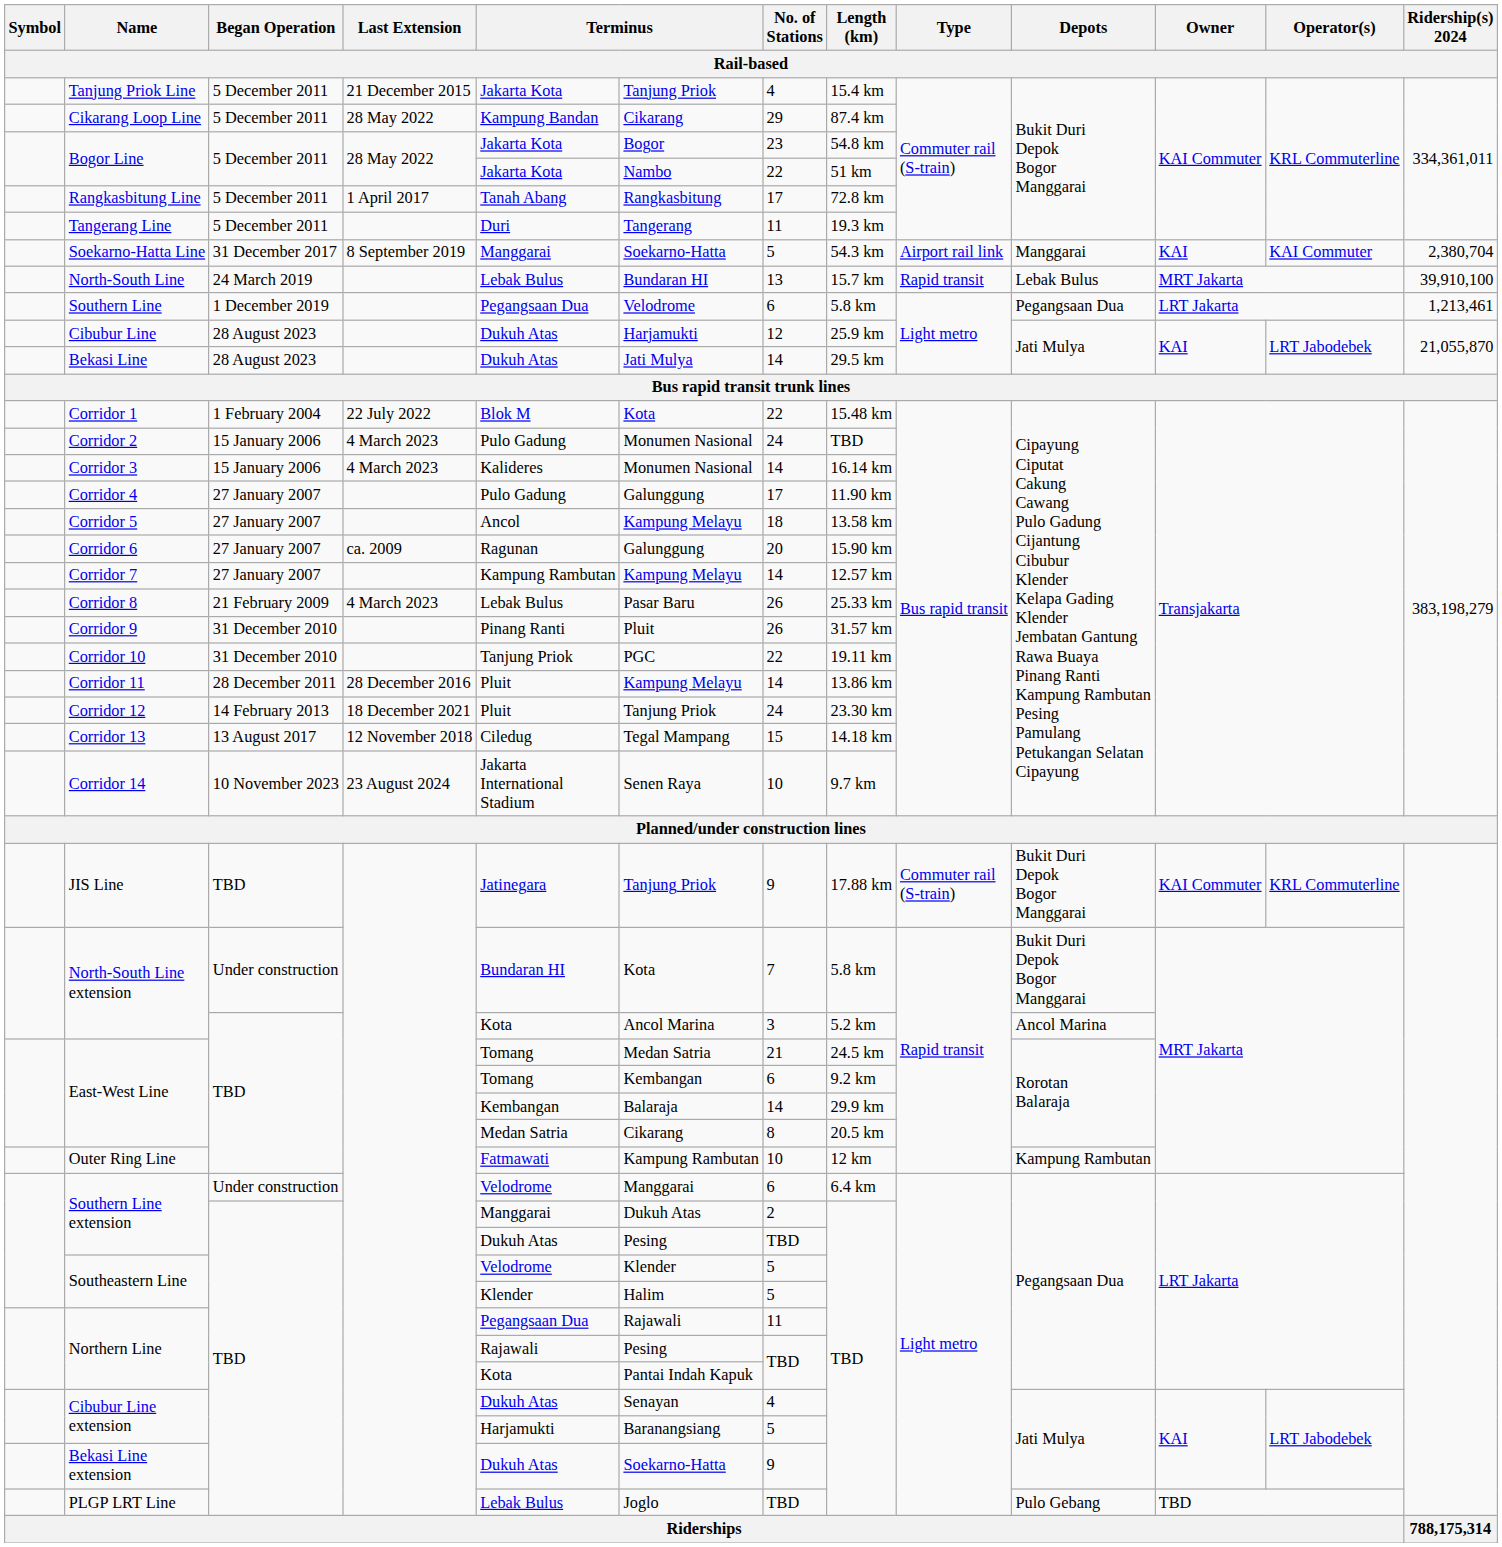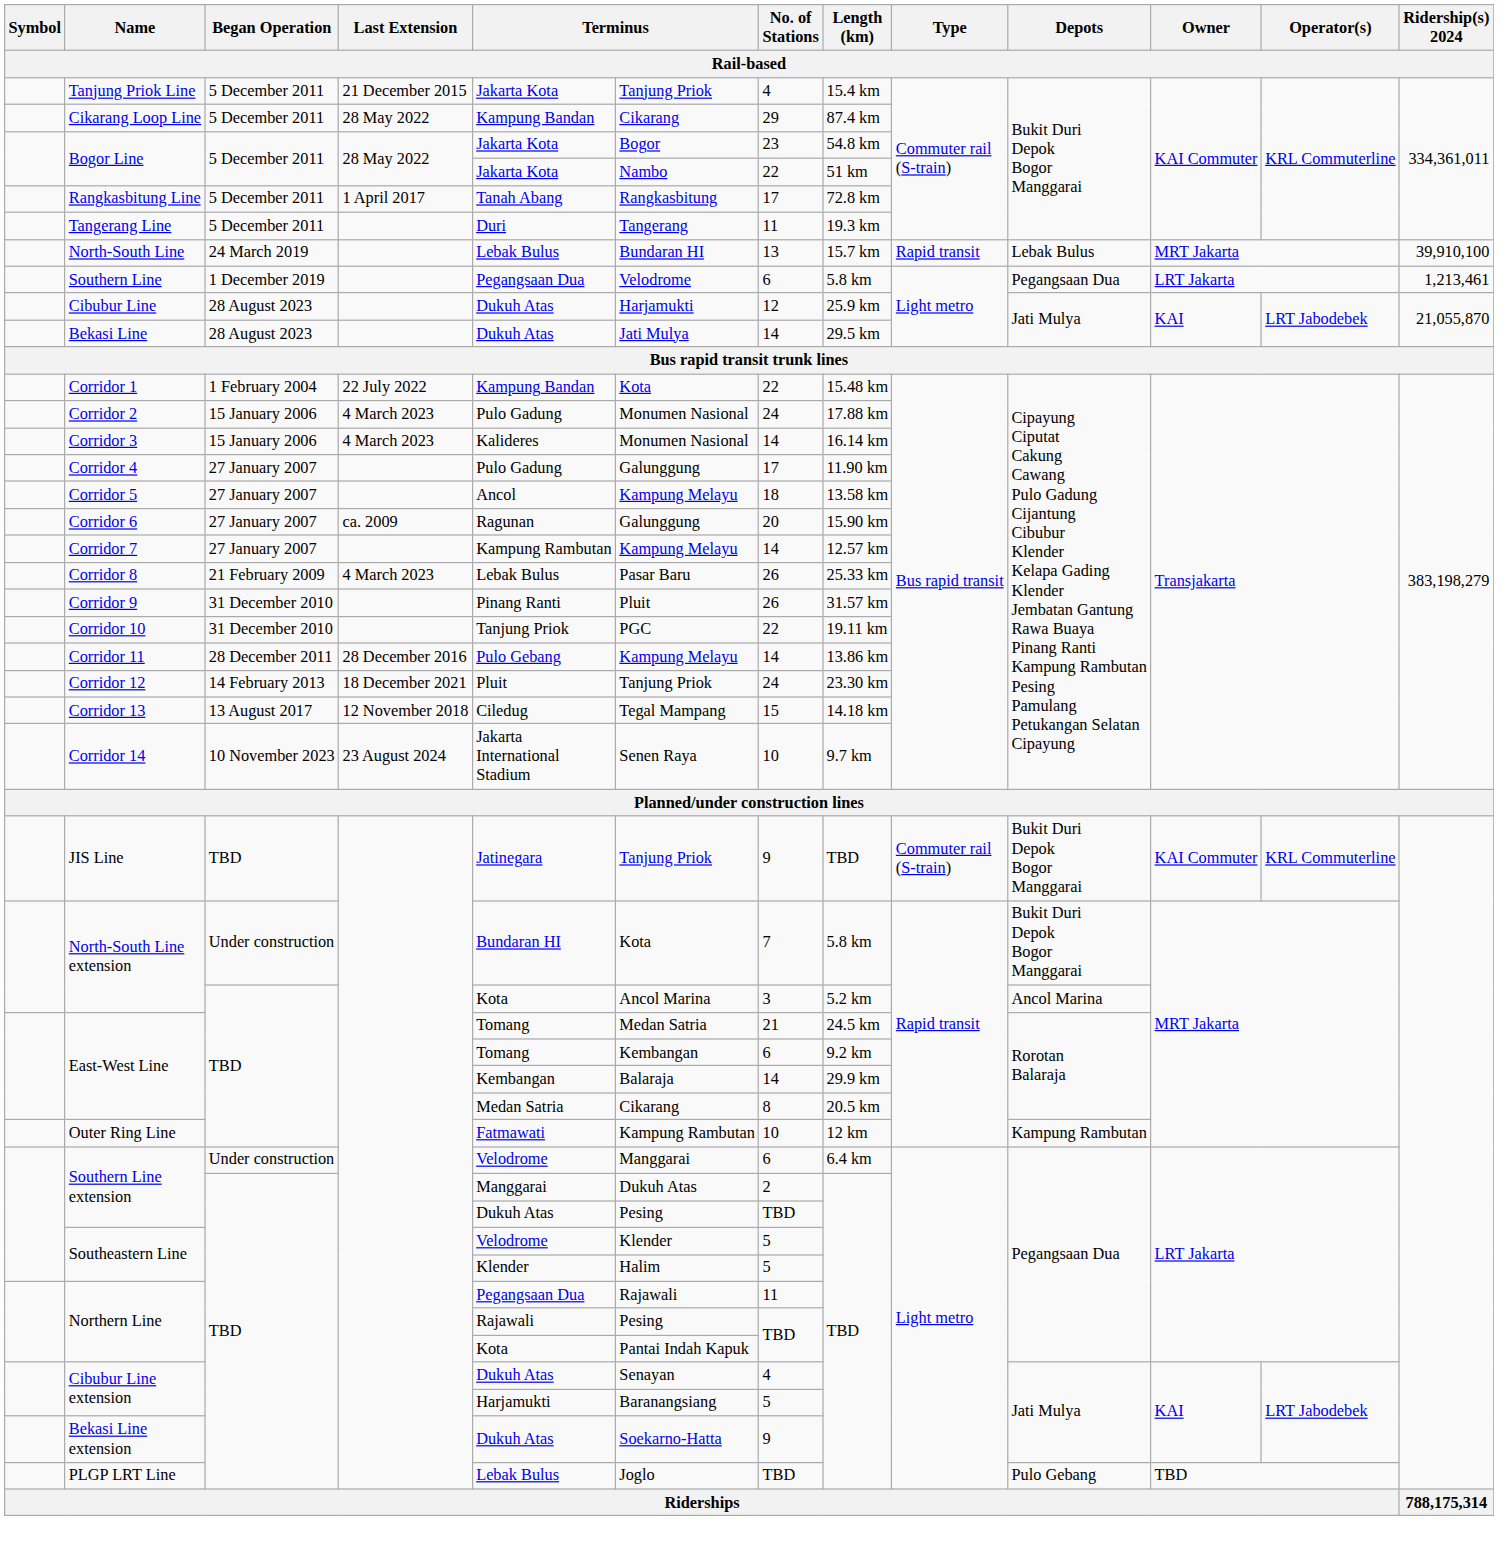 <table class="wikitable sortable" style="margin:0 auto; white-space:nowrap;; font-size:90%;  width:100%; font-size:85%">
 <tr>
 <th>Symbol</th>
 <th>Name</th>
 <th>Began Operation</th>
 <th>Last Extension</th>
 <th colspan=2>Terminus</th>
 <th>No. of <br>Stations</th>
 <th>Length<br>(km)</th>
 <th>Type</th>
 <th>Depots</th>
 <th>Owner</th>
 <th>Operator(s)</th>
 <th>Ridership(s) <br>2024</th>
 </tr>
 <tr>
 <th colspan="13">Rail-based</th>
 </tr>
 <tr>
 <td align="center"></td>
 <td><a href='#'>Tanjung Priok Line</a></td>
 <td>5 December 2011</td>
 <td>21 December 2015</td>
 <td><a href='#'>Jakarta Kota</a></td>
 <td><a href='#'>Tanjung Priok</a></td>
 <td>4</td>
 <td>15.4 km</td>
 <td rowspan="6"><a href='#'>Commuter rail</a> <br>(<a href='#'>S-train</a>)</td>
 <td rowspan="6">Bukit Duri <br>Depok <br>Bogor <br>Manggarai</td>
 <td rowspan="6"><a href='#'>KAI Commuter</a></td>
 <td rowspan="6"><a href='#'>KRL Commuterline</a></td>
 <td rowspan="6" align="right">334,361,011</td>
 </tr>
 <tr>
 <td align="center"></td>
 <td><a href='#'>Cikarang Loop Line</a></td>
 <td>5 December 2011</td>
 <td>28 May 2022</td>
 <td><a href='#'>Kampung Bandan</a></td>
 <td><a href='#'>Cikarang</a></td>
 <td>29</td>
 <td>87.4 km</td>
 </tr>
 <tr>
 <td rowspan="2" align="center"></td>
 <td rowspan="2"><a href='#'>Bogor Line</a></td>
 <td rowspan="2">5 December 2011</td>
 <td rowspan="2">28 May 2022</td>
 <td><a href='#'>Jakarta Kota</a></td>
 <td><a href='#'>Bogor</a></td>
 <td>23</td>
 <td>54.8 km</td>
 </tr>
 <tr>
 <td><a href='#'>Jakarta Kota</a></td>
 <td><a href='#'>Nambo</a></td>
 <td>22</td>
 <td>51 km</td>
 </tr>
 <tr>
 <td align="center"></td>
 <td><a href='#'>Rangkasbitung Line</a></td>
 <td>5 December 2011</td>
 <td>1 April 2017</td>
 <td><a href='#'>Tanah Abang</a></td>
 <td><a href='#'>Rangkasbitung</a></td>
 <td>17</td>
 <td>72.8 km</td>
 </tr>
 <tr>
 <td align="center"></td>
 <td><a href='#'>Tangerang Line</a></td>
 <td>5 December 2011</td>
 <td></td>
 <td><a href='#'>Duri</a></td>
 <td><a href='#'>Tangerang</a></td>
 <td>11</td>
 <td>19.3 km</td>
 </tr>
 <tr>
 <td align="center"></td>
-<td><a href='#'>Soekarno-Hatta Line</a></td>
-<td>31 December 2017</td>
-<td>8 September 2019</td>
-<td><a href='#'>Manggarai</a></td>
-<td><a href='#'>Soekarno-Hatta</a></td>
-<td>5</td>
-<td>54.3 km</td>
-<td><a href='#'>Airport rail link</a></td>
-<td>Manggarai</td>
-<td><a href='#'>KAI</a></td>
-<td><a href='#'>KAI Commuter</a></td>
-<td align="right">2,380,704</td>
-</tr>
-<tr>
-<td align="center"></td>
 <td><a href='#'>North-South Line</a></td>
 <td>24 March 2019</td>
 <td></td>
 <td><a href='#'>Lebak Bulus</a></td>
 <td><a href='#'>Bundaran HI</a></td>
 <td>13</td>
 <td>15.7 km</td>
 <td><a href='#'>Rapid transit</a></td>
 <td>Lebak Bulus</td>
 <td colspan="2"><a href='#'>MRT Jakarta</a></td>
 <td align="right">39,910,100</td>
 </tr>
 <tr>
 <td align="center"></td>
 <td><a href='#'>Southern Line</a></td>
 <td>1 December 2019</td>
 <td></td>
 <td><a href='#'>Pegangsaan Dua</a></td>
 <td><a href='#'>Velodrome</a></td>
 <td>6</td>
 <td>5.8 km</td>
 <td rowspan="3"><a href='#'>Light metro</a></td>
 <td>Pegangsaan Dua</td>
 <td colspan="2"><a href='#'>LRT Jakarta</a></td>
 <td align="right">1,213,461</td>
 </tr>
 <tr>
 <td align="center"></td>
 <td><a href='#'>Cibubur Line</a></td>
 <td>28 August 2023</td>
 <td></td>
 <td><a href='#'>Dukuh Atas</a></td>
 <td><a href='#'>Harjamukti</a></td>
 <td>12</td>
 <td>25.9 km</td>
 <td rowspan="2">Jati Mulya</td>
 <td rowspan="2"><a href='#'>KAI</a></td>
 <td rowspan="2"><a href='#'>LRT Jabodebek</a></td>
 <td rowspan="2" align="right">21,055,870</td>
 </tr>
 <tr>
 <td align="center"></td>
 <td><a href='#'>Bekasi Line</a></td>
 <td>28 August 2023</td>
 <td></td>
 <td><a href='#'>Dukuh Atas</a></td>
 <td><a href='#'>Jati Mulya</a></td>
 <td>14</td>
 <td>29.5 km</td>
 </tr>
 <tr>
 <th colspan="13">Bus rapid transit trunk lines</th>
 </tr>
 <tr>
 <td align="center"></td>
 <td><a href='#'>Corridor 1</a></td>
 <td>1 February 2004</td>
 <td>22 July 2022</td>
-<td><a href='#'>Blok M</a></td>
+<td><a href='#'>Kampung Bandan</a></td>
 <td><a href='#'>Kota</a></td>
 <td>22</td>
 <td>15.48 km</td>
 <td rowspan="14"><a href='#'>Bus rapid transit</a></td>
 <td rowspan="14">Cipayung<br>Ciputat<br>Cakung<br>Cawang<br>Pulo Gadung<br>Cijantung<br>Cibubur<br>Klender<br>Kelapa Gading<br>Klender<br>Jembatan Gantung<br>Rawa Buaya<br>Pinang Ranti<br>Kampung Rambutan<br>Pesing<br>Pamulang<br>Petukangan Selatan<br>Cipayung</td>
 <td colspan="2" rowspan="14"><a href='#'>Transjakarta</a></td>
 <td rowspan="14" align="right">383,198,279</td>
 </tr>
 <tr>
 <td align="center"></td>
 <td><a href='#'>Corridor 2</a></td>
 <td>15 January 2006</td>
 <td>4 March 2023</td>
 <td>Pulo Gadung</td>
 <td>Monumen Nasional</td>
 <td>24</td>
-<td>TBD</td>
+<td>17.88 km</td>
 </tr>
 <tr>
 <td align="center"></td>
 <td><a href='#'>Corridor 3</a></td>
 <td>15 January 2006</td>
 <td>4 March 2023</td>
 <td>Kalideres</td>
 <td>Monumen Nasional</td>
 <td>14</td>
 <td>16.14 km</td>
 </tr>
 <tr>
 <td align="center"></td>
 <td><a href='#'>Corridor 4</a></td>
 <td>27 January 2007</td>
 <td></td>
 <td>Pulo Gadung</td>
 <td>Galunggung</td>
 <td>17</td>
 <td>11.90 km</td>
 </tr>
 <tr>
 <td align="center"></td>
 <td><a href='#'>Corridor 5</a></td>
 <td>27 January 2007</td>
 <td></td>
 <td>Ancol</td>
 <td><a href='#'>Kampung Melayu</a></td>
 <td>18</td>
 <td>13.58 km</td>
 </tr>
 <tr>
 <td align="center"></td>
 <td><a href='#'>Corridor 6</a></td>
 <td>27 January 2007</td>
 <td>ca. 2009</td>
 <td>Ragunan</td>
 <td>Galunggung</td>
 <td>20</td>
 <td>15.90 km</td>
 </tr>
 <tr>
 <td align="center"></td>
 <td><a href='#'>Corridor 7</a></td>
 <td>27 January 2007</td>
 <td></td>
 <td>Kampung Rambutan</td>
 <td><a href='#'>Kampung Melayu</a></td>
 <td>14</td>
 <td>12.57 km</td>
 </tr>
 <tr>
 <td align="center"></td>
 <td><a href='#'>Corridor 8</a></td>
 <td>21 February 2009</td>
 <td>4 March 2023</td>
 <td>Lebak Bulus</td>
 <td>Pasar Baru</td>
 <td>26</td>
 <td>25.33 km</td>
 </tr>
 <tr>
 <td align="center"></td>
 <td><a href='#'>Corridor 9</a></td>
 <td>31 December 2010</td>
 <td></td>
 <td>Pinang Ranti</td>
 <td>Pluit</td>
 <td>26</td>
 <td>31.57 km</td>
 </tr>
 <tr>
 <td align="center"></td>
 <td><a href='#'>Corridor 10</a></td>
 <td>31 December 2010</td>
 <td></td>
 <td>Tanjung Priok</td>
 <td>PGC</td>
 <td>22</td>
 <td>19.11 km</td>
 </tr>
 <tr>
 <td align="center"></td>
 <td><a href='#'>Corridor 11</a></td>
 <td>28 December 2011</td>
 <td>28 December 2016</td>
-<td>Pluit</td>
+<td><a href='#'>Pulo Gebang</a></td>
 <td><a href='#'>Kampung Melayu</a></td>
 <td>14</td>
 <td>13.86 km</td>
 </tr>
 <tr>
 <td align="center"></td>
 <td><a href='#'>Corridor 12</a></td>
 <td>14 February 2013</td>
 <td>18 December 2021</td>
 <td>Pluit</td>
 <td>Tanjung Priok</td>
 <td>24</td>
 <td>23.30 km</td>
 </tr>
 <tr>
 <td align="center"></td>
 <td><a href='#'>Corridor 13</a></td>
 <td>13 August 2017</td>
 <td>12 November 2018</td>
 <td>Ciledug</td>
 <td>Tegal Mampang</td>
 <td>15</td>
 <td>14.18 km</td>
 </tr>
 <tr>
 <td align="center"></td>
 <td><a href='#'>Corridor 14</a></td>
 <td>10 November 2023</td>
 <td>23 August 2024</td>
 <td>Jakarta <br>International <br>Stadium</td>
 <td>Senen Raya</td>
 <td>10</td>
 <td>9.7 km</td>
 </tr>
 <tr>
 <th colspan="13">Planned/under construction lines</th>
 </tr>
 <tr>
 <td align="center"></td>
 <td>JIS Line</td>
 <td>TBD</td>
 <td rowspan="20"></td>
 <td><a href='#'>Jatinegara</a></td>
 <td><a href='#'>Tanjung Priok</a></td>
 <td>9</td>
-<td>17.88 km</td>
+<td>TBD</td>
 <td><a href='#'>Commuter rail</a> <br>(<a href='#'>S-train</a>)</td>
 <td>Bukit Duri<br>Depok<br>Bogor<br>Manggarai</td>
 <td><a href='#'>KAI Commuter</a></td>
 <td><a href='#'>KRL Commuterline</a></td>
 </tr>
 <tr>
 <td align="center" rowspan="2"></td>
 <td rowspan="2"><a href='#'>North-South Line</a> <br>extension</td>
 <td>Under construction</td>
 <td><a href='#'>Bundaran HI</a></td>
 <td>Kota</td>
 <td>7</td>
 <td>5.8 km</td>
 <td rowspan="7"><a href='#'>Rapid transit</a></td>
 <td>Bukit Duri<br>Depok<br>Bogor<br>Manggarai</td>
 <td colspan="2" rowspan="7"><a href='#'>MRT Jakarta</a></td>
 </tr>
 <tr>
 <td rowspan="6">TBD</td>
 <td>Kota</td>
 <td>Ancol Marina</td>
 <td>3</td>
 <td>5.2 km</td>
 <td>Ancol Marina</td>
 </tr>
 <tr>
 <td align="center" rowspan="4"></td>
 <td rowspan="4">East-West Line</td>
 <td>Tomang</td>
 <td>Medan Satria</td>
 <td>21</td>
 <td>24.5 km</td>
 <td rowspan="4">Rorotan<br>Balaraja</td>
 </tr>
 <tr>
 <td>Tomang</td>
 <td>Kembangan</td>
 <td>6</td>
 <td>9.2 km</td>
 </tr>
 <tr>
 <td>Kembangan</td>
 <td>Balaraja</td>
 <td>14</td>
 <td>29.9 km</td>
 </tr>
 <tr>
 <td>Medan Satria</td>
 <td>Cikarang</td>
 <td>8</td>
 <td>20.5 km</td>
 </tr>
 <tr>
 <td align="center"></td>
 <td>Outer Ring Line</td>
 <td><a href='#'>Fatmawati</a></td>
 <td>Kampung Rambutan</td>
 <td>10</td>
 <td>12 km</td>
 <td>Kampung Rambutan</td>
 </tr>
 <tr>
 <td rowspan="5" align="center"></td>
 <td rowspan="3"><a href='#'>Southern Line</a> <br>extension</td>
 <td>Under construction</td>
 <td><a href='#'>Velodrome</a></td>
 <td>Manggarai</td>
 <td>6</td>
 <td>6.4 km</td>
 <td rowspan="12"><a href='#'>Light metro</a></td>
 <td rowspan="8">Pegangsaan Dua</td>
 <td colspan="2" rowspan="8"><a href='#'>LRT Jakarta</a></td>
 </tr>
 <tr>
 <td rowspan="11">TBD</td>
 <td>Manggarai</td>
 <td>Dukuh Atas</td>
 <td>2</td>
 <td rowspan="11">TBD</td>
 </tr>
 <tr>
 <td>Dukuh Atas</td>
 <td>Pesing</td>
 <td>TBD</td>
 </tr>
 <tr>
 <td rowspan="2">Southeastern Line</td>
 <td><a href='#'>Velodrome</a></td>
 <td>Klender</td>
 <td>5</td>
 </tr>
 <tr>
 <td>Klender</td>
 <td>Halim</td>
 <td>5</td>
 </tr>
 <tr>
 <td rowspan="3" align="center"></td>
 <td rowspan="3">Northern Line</td>
 <td><a href='#'>Pegangsaan Dua</a></td>
 <td>Rajawali</td>
 <td>11</td>
 </tr>
 <tr>
 <td>Rajawali</td>
 <td>Pesing</td>
 <td rowspan="2">TBD</td>
 </tr>
 <tr>
 <td>Kota</td>
 <td>Pantai Indah Kapuk</td>
 </tr>
 <tr>
 <td align="center" rowspan="2"></td>
 <td rowspan="2"><a href='#'>Cibubur Line</a> <br>extension</td>
 <td><a href='#'>Dukuh Atas</a></td>
 <td>Senayan</td>
 <td>4</td>
 <td rowspan="3">Jati Mulya</td>
 <td rowspan="3"><a href='#'>KAI</a></td>
 <td rowspan="3"><a href='#'>LRT Jabodebek</a></td>
 </tr>
 <tr>
 <td>Harjamukti</td>
 <td>Baranangsiang</td>
 <td>5</td>
 </tr>
 <tr>
 <td align="center"></td>
 <td><a href='#'>Bekasi Line</a> <br>extension</td>
 <td><a href='#'>Dukuh Atas</a></td>
 <td><a href='#'>Soekarno-Hatta</a></td>
 <td>9</td>
 </tr>
 <tr>
 <td></td>
 <td>PLGP LRT Line</td>
 <td><a href='#'>Lebak Bulus</a></td>
 <td>Joglo</td>
 <td>TBD</td>
 <td>Pulo Gebang</td>
 <td colspan="2">TBD</td>
 </tr>
 <tr>
 <th colspan="12">Riderships</th>
 <th align="right">788,175,314</th>
 </tr>
 </table>
